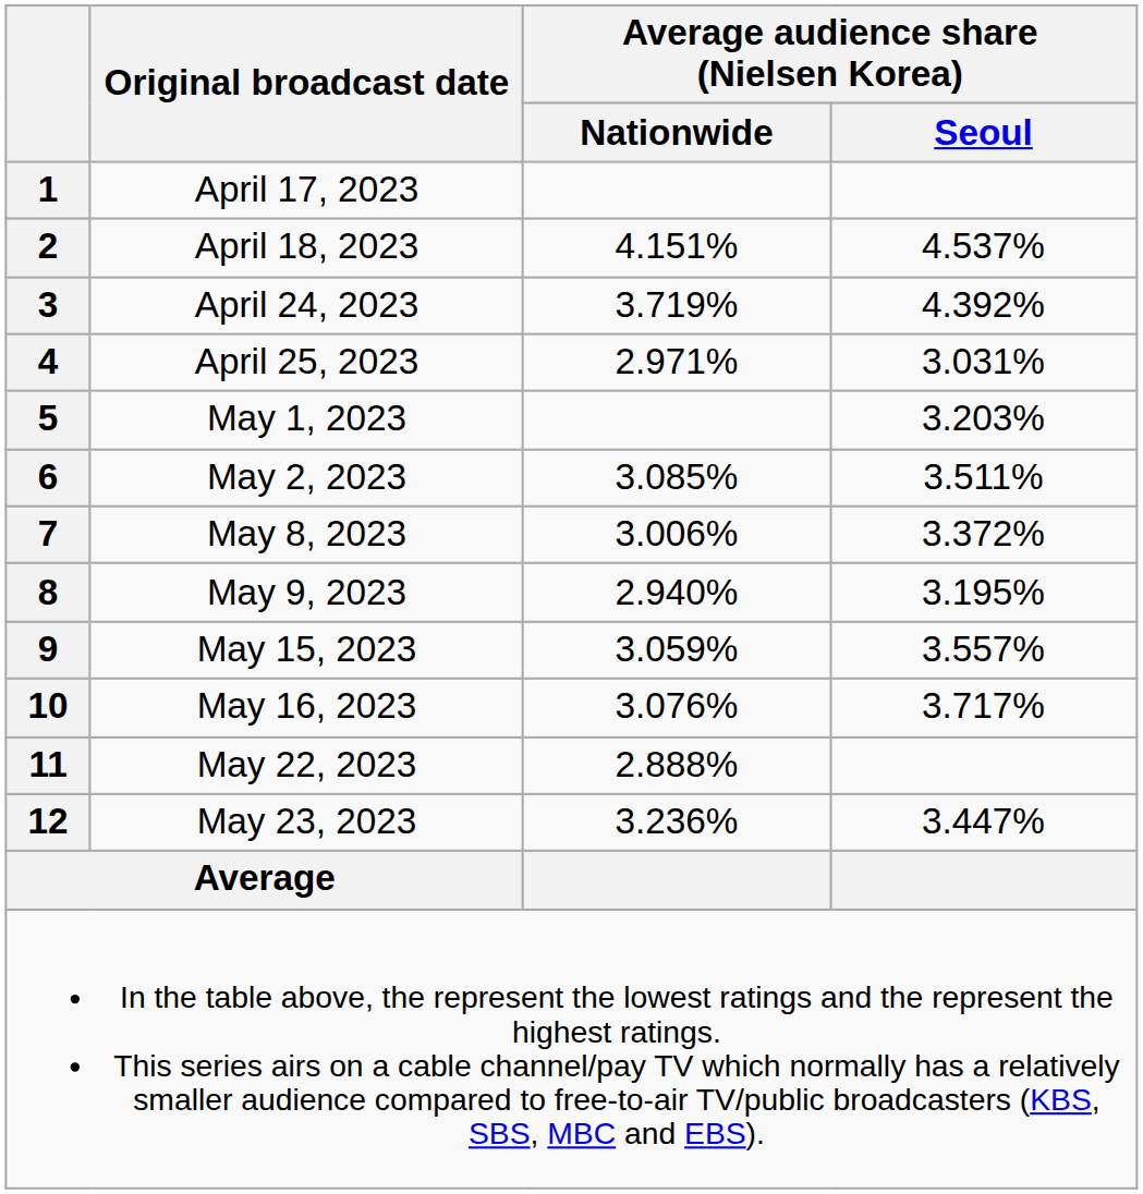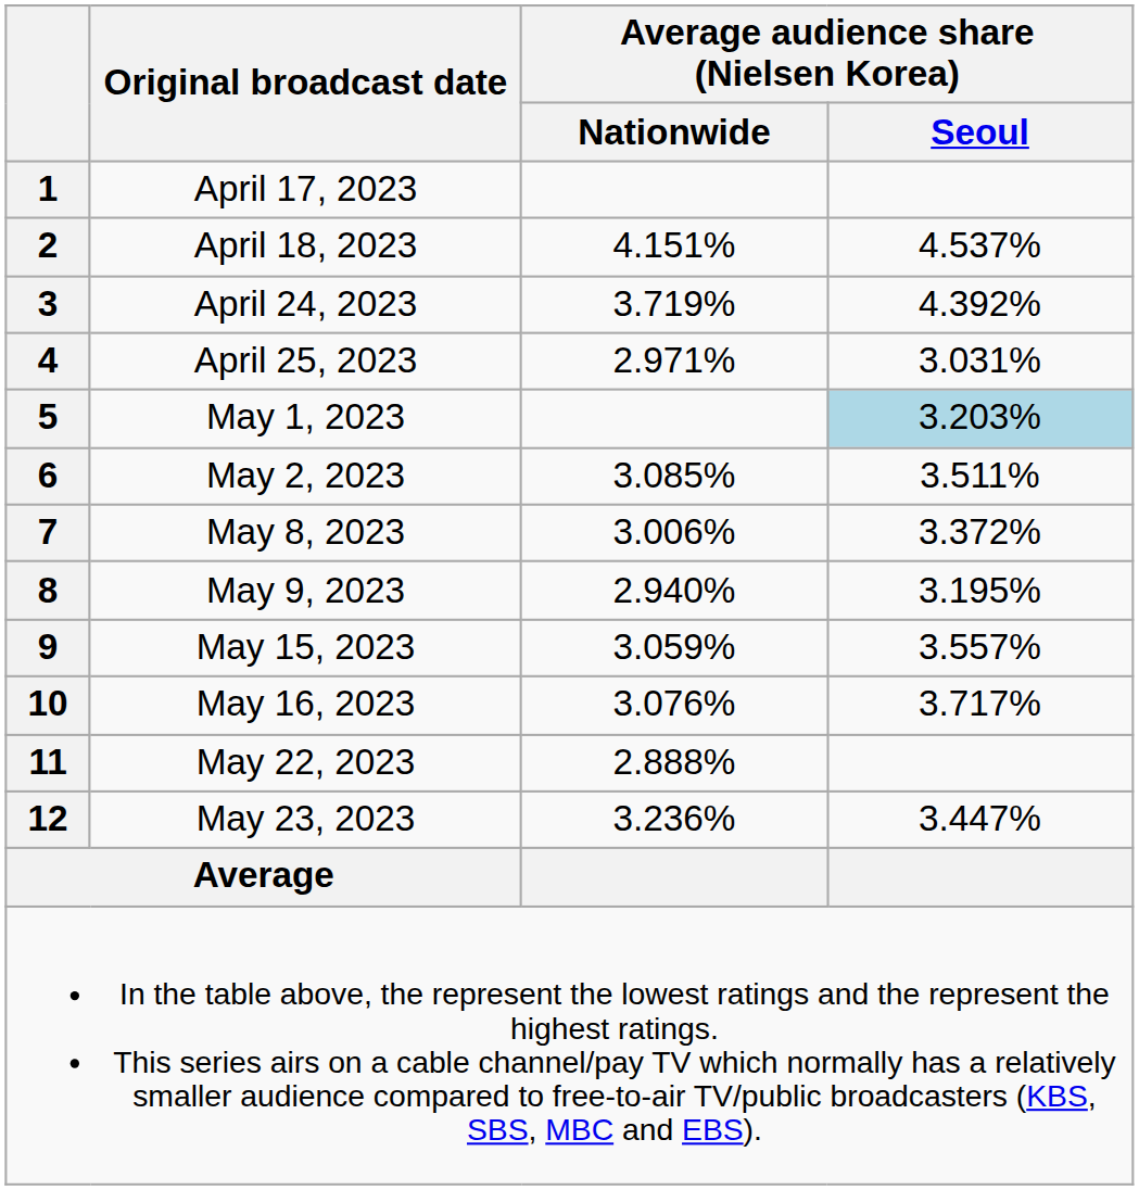 <table class="wikitable" style="margin-left:auto; margin-right:auto; width:500px; text-align:center">
 <tr>
 <th scope="col" rowspan="2"></th>
 <th scope="col" rowspan="2">Original broadcast date</th>
 <th scope="col" colspan="2">Average audience share<br>(Nielsen Korea)</th>
 </tr>
 <tr>
 <th scope="col" style="width:8em">Nationwide</th>
 <th scope="col" style="width:8em"><a href='#'>Seoul</a></th>
 </tr>
 <tr>
 <th scope="row">1</th>
 <td>April 17, 2023</td>
 <td><strong></strong> </td>
 <td><strong></strong> </td>
 </tr>
 <tr>
 <th scope="row">2</th>
 <td>April 18, 2023</td>
 <td>4.151% </td>
 <td>4.537% </td>
 </tr>
 <tr>
 <th scope="row">3</th>
 <td>April 24, 2023</td>
 <td>3.719% </td>
 <td>4.392% </td>
 </tr>
 <tr>
 <th scope="row">4</th>
 <td>April 25, 2023</td>
 <td>2.971% </td>
 <td>3.031% </td>
 </tr>
 <tr>
 <th scope="row">5</th>
 <td>May 1, 2023</td>
 <td><strong></strong> </td>
-<td>3.203% </td>
+<td style="background: lightblue;">3.203% </td>
 </tr>
 <tr>
 <th scope="row">6</th>
 <td>May 2, 2023</td>
 <td>3.085% </td>
 <td>3.511% </td>
 </tr>
 <tr>
 <th scope="row">7</th>
 <td>May 8, 2023</td>
 <td>3.006% </td>
 <td>3.372% </td>
 </tr>
 <tr>
 <th scope="row">8</th>
 <td>May 9, 2023</td>
 <td>2.940% </td>
 <td>3.195% </td>
 </tr>
 <tr>
 <th scope="row">9</th>
 <td>May 15, 2023</td>
 <td>3.059% </td>
 <td>3.557% </td>
 </tr>
 <tr>
 <th scope="row">10</th>
 <td>May 16, 2023</td>
 <td>3.076% </td>
 <td>3.717% </td>
 </tr>
 <tr>
 <th scope="row">11</th>
 <td>May 22, 2023</td>
 <td>2.888% </td>
 <td><strong></strong> </td>
 </tr>
 <tr>
 <th scope="row">12</th>
 <td>May 23, 2023</td>
 <td>3.236% </td>
 <td>3.447% </td>
 </tr>
 <tr>
 <th colspan="2">Average</th>
 <th></th>
 <th></th>
 </tr>
 <tr>
 <td colspan="4" style="font-size:85%"><br><ul><li>In the table above, the <strong></strong> represent the lowest ratings and the <strong></strong> represent the highest ratings.</li><li>This series airs on a cable channel/pay TV which normally has a relatively smaller audience compared to free-to-air TV/public broadcasters (<a href='#'>KBS</a>, <a href='#'>SBS</a>, <a href='#'>MBC</a> and <a href='#'>EBS</a>).</li></ul></td>
 </tr>
 </table>
